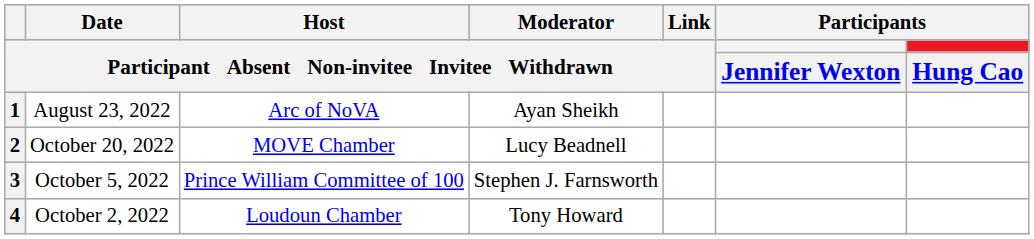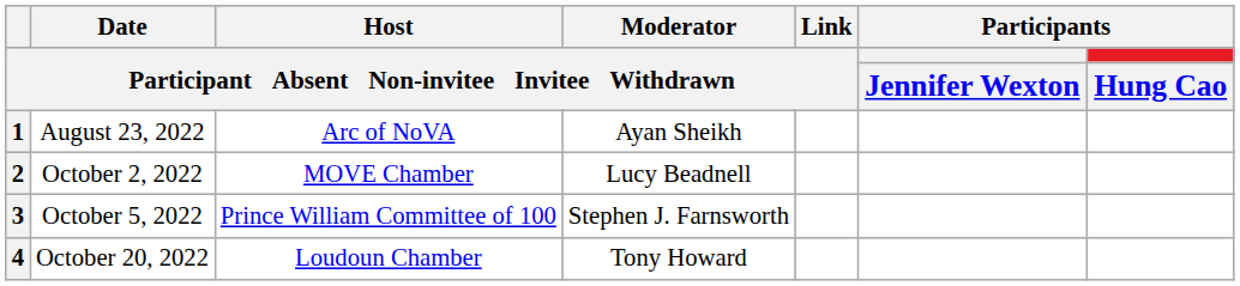 <table class="wikitable mw-collapsible" style="text-align:center;">
 <tr style="font-size:small;">
 <th scope="col"></th>
 <th scope="col">Date</th>
 <th scope="col">Host</th>
 <th scope="col">Moderator</th>
 <th scope="col">Link</th>
 <th scope="col" colspan="2">Participants</th>
 </tr>
 <tr>
 <th colspan="5" rowspan="2"> <small>Participant  </small> <small>Absent  </small> <small>Non-invitee  </small> <small>Invitee  </small> <small>Withdrawn</small></th>
 <th scope="col" style="background:"></th>
 <th scope="col" style="background:#E81B23;"></th>
 </tr>
 <tr>
 <th scope="col"><a href='#'>Jennifer Wexton</a></th>
 <th scope="col"><a href='#'>Hung Cao</a></th>
 </tr>
 <tr style="background:#fff; font-size:small;">
 <th scope="row">1</th>
 <td style="white-space:nowrap;">August 23, 2022</td>
 <td style="white-space:nowrap;"><a href='#'>Arc of NoVA</a></td>
 <td style="white-space:nowrap;">Ayan Sheikh</td>
 <td style="white-space:nowrap;"></td>
 <td></td>
 <td></td>
 </tr>
 <tr style="background:#fff; font-size:small;">
 <th scope="row">2</th>
-<td style="white-space:nowrap;">October 20, 2022</td>
+<td style="white-space:nowrap;">October 2, 2022</td>
 <td style="white-space:nowrap;"><a href='#'>MOVE Chamber</a></td>
 <td style="white-space:nowrap;">Lucy Beadnell</td>
 <td style="white-space:nowrap;"></td>
 <td></td>
 <td></td>
 </tr>
 <tr style="background:#fff; font-size:small;">
 <th scope="row">3</th>
 <td style="white-space:nowrap;">October 5, 2022</td>
 <td style="white-space:nowrap;"><a href='#'>Prince William Committee of 100</a></td>
 <td style="white-space:nowrap;">Stephen J. Farnsworth</td>
 <td style="white-space:nowrap;"></td>
 <td></td>
 <td></td>
 </tr>
 <tr style="background:#fff; font-size:small;">
 <th scope="row">4</th>
-<td style="white-space:nowrap;">October 2, 2022</td>
+<td style="white-space:nowrap;">October 20, 2022</td>
 <td style="white-space:nowrap;"><a href='#'>Loudoun Chamber</a></td>
 <td style="white-space:nowrap;">Tony Howard</td>
 <td style="white-space:nowrap;"></td>
 <td></td>
 <td></td>
 </tr>
 </table>
